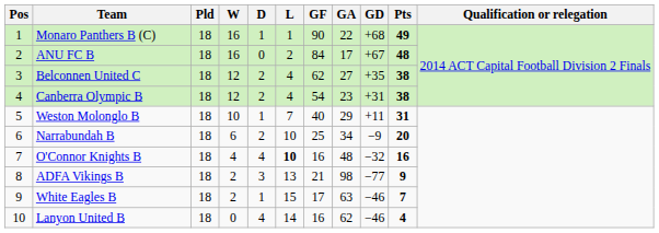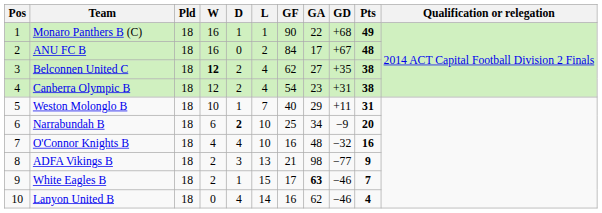 <table class="wikitable" style="text-align:center;">
 <tr>
 <th scope="col" width=28><abbr>Pos</abbr></th>
 <th scope="col" width=190>Team</th>
 <th scope="col" width=28><abbr>Pld</abbr></th>
 <th scope="col" width=28><abbr>W</abbr></th>
 <th scope="col" width=28><abbr>D</abbr></th>
 <th scope="col" width=28><abbr>L</abbr></th>
 <th scope="col" width=28><abbr>GF</abbr></th>
 <th scope="col" width=28><abbr>GA</abbr></th>
 <th scope="col" width=28><abbr>GD</abbr></th>
 <th scope="col" width=28><abbr>Pts</abbr></th>
 <th scope="col">Qualification or relegation</th>
 </tr>
 <tr>
 <th scope="row" style="text-align: center;font-weight: normal;background-color:#D0F0C0;">1</th>
 <td style="text-align: left; white-space:nowrap;font-weight: normal;background-color:#D0F0C0;"><a href='#'>Monaro Panthers B</a> <span>(C)</span></td>
 <td style="font-weight: normal;background-color:#D0F0C0;">18</td>
 <td style="font-weight: normal;background-color:#D0F0C0;">16</td>
 <td style="font-weight: normal;background-color:#D0F0C0;">1</td>
 <td style="font-weight: normal;background-color:#D0F0C0;">1</td>
 <td style="font-weight: normal;background-color:#D0F0C0;">90</td>
 <td style="font-weight: normal;background-color:#D0F0C0;">22</td>
 <td style="font-weight: normal;background-color:#D0F0C0;">+68</td>
 <td style="font-weight: bold;background-color:#D0F0C0;">49</td>
 <td style="font-weight: normal;background-color:#D0F0C0;" rowspan="4"><a href='#'>2014 ACT Capital Football Division 2 Finals</a></td>
 </tr>
 <tr>
 <th scope="row" style="text-align: center;font-weight: normal;background-color:#D0F0C0;">2</th>
 <td style="text-align: left; white-space:nowrap;font-weight: normal;background-color:#D0F0C0;"><a href='#'>ANU FC B</a></td>
 <td style="font-weight: normal;background-color:#D0F0C0;">18</td>
 <td style="font-weight: normal;background-color:#D0F0C0;">16</td>
 <td style="font-weight: normal;background-color:#D0F0C0;">0</td>
 <td style="font-weight: normal;background-color:#D0F0C0;">2</td>
 <td style="font-weight: normal;background-color:#D0F0C0;">84</td>
 <td style="font-weight: normal;background-color:#D0F0C0;">17</td>
 <td style="font-weight: normal;background-color:#D0F0C0;">+67</td>
 <td style="font-weight: bold;background-color:#D0F0C0;">48</td>
 </tr>
 <tr>
 <th scope="row" style="text-align: center;font-weight: normal;background-color:#D0F0C0;">3</th>
 <td style="text-align: left; white-space:nowrap;font-weight: normal;background-color:#D0F0C0;"><a href='#'>Belconnen United C</a></td>
 <td style="font-weight: normal;background-color:#D0F0C0;">18</td>
-<td style="font-weight: normal;background-color:#D0F0C0;">12</td>
+<td style="font-weight: normal;background-color:#D0F0C0;"><strong>12</strong></td>
 <td style="font-weight: normal;background-color:#D0F0C0;">2</td>
 <td style="font-weight: normal;background-color:#D0F0C0;">4</td>
 <td style="font-weight: normal;background-color:#D0F0C0;">62</td>
 <td style="font-weight: normal;background-color:#D0F0C0;">27</td>
 <td style="font-weight: normal;background-color:#D0F0C0;">+35</td>
 <td style="font-weight: bold;background-color:#D0F0C0;">38</td>
 </tr>
 <tr>
 <th scope="row" style="text-align: center;font-weight: normal;background-color:#D0F0C0;">4</th>
 <td style="text-align: left; white-space:nowrap;font-weight: normal;background-color:#D0F0C0;"><a href='#'>Canberra Olympic B</a></td>
 <td style="font-weight: normal;background-color:#D0F0C0;">18</td>
 <td style="font-weight: normal;background-color:#D0F0C0;">12</td>
 <td style="font-weight: normal;background-color:#D0F0C0;">2</td>
 <td style="font-weight: normal;background-color:#D0F0C0;">4</td>
 <td style="font-weight: normal;background-color:#D0F0C0;">54</td>
 <td style="font-weight: normal;background-color:#D0F0C0;">23</td>
 <td style="font-weight: normal;background-color:#D0F0C0;">+31</td>
 <td style="font-weight: bold;background-color:#D0F0C0;">38</td>
 </tr>
 <tr>
 <th scope="row" style="text-align: center;font-weight: normal;background-color:transparent;">5</th>
 <td style="text-align: left; white-space:nowrap;font-weight: normal;background-color:transparent;"><a href='#'>Weston Molonglo B</a></td>
 <td style="font-weight: normal;background-color:transparent;">18</td>
 <td style="font-weight: normal;background-color:transparent;">10</td>
 <td style="font-weight: normal;background-color:transparent;">1</td>
 <td style="font-weight: normal;background-color:transparent;">7</td>
 <td style="font-weight: normal;background-color:transparent;">40</td>
 <td style="font-weight: normal;background-color:transparent;">29</td>
 <td style="font-weight: normal;background-color:transparent;">+11</td>
 <td style="font-weight: bold;background-color:transparent;">31</td>
 <td style="font-weight: normal;background-color:transparent;" rowspan="6"></td>
 </tr>
 <tr>
 <th scope="row" style="text-align: center;font-weight: normal;background-color:transparent;">6</th>
 <td style="text-align: left; white-space:nowrap;font-weight: normal;background-color:transparent;"><a href='#'>Narrabundah B</a></td>
 <td style="font-weight: normal;background-color:transparent;">18</td>
 <td style="font-weight: normal;background-color:transparent;">6</td>
-<td style="font-weight: normal;background-color:transparent;">2</td>
+<td style="font-weight: normal;background-color:transparent;"><strong>2</strong></td>
 <td style="font-weight: normal;background-color:transparent;">10</td>
 <td style="font-weight: normal;background-color:transparent;">25</td>
 <td style="font-weight: normal;background-color:transparent;">34</td>
 <td style="font-weight: normal;background-color:transparent;">−9</td>
 <td style="font-weight: bold;background-color:transparent;">20</td>
 </tr>
 <tr>
 <th scope="row" style="text-align: center;font-weight: normal;background-color:transparent;">7</th>
 <td style="text-align: left; white-space:nowrap;font-weight: normal;background-color:transparent;"><a href='#'>O'Connor Knights B</a></td>
 <td style="font-weight: normal;background-color:transparent;">18</td>
 <td style="font-weight: normal;background-color:transparent;">4</td>
 <td style="font-weight: normal;background-color:transparent;">4</td>
-<td style="font-weight: normal;background-color:transparent;"><strong>10</strong></td>
+<td style="font-weight: normal;background-color:transparent;">10</td>
 <td style="font-weight: normal;background-color:transparent;">16</td>
 <td style="font-weight: normal;background-color:transparent;">48</td>
 <td style="font-weight: normal;background-color:transparent;">−32</td>
 <td style="font-weight: bold;background-color:transparent;">16</td>
 </tr>
 <tr>
 <th scope="row" style="text-align: center;font-weight: normal;background-color:transparent;">8</th>
 <td style="text-align: left; white-space:nowrap;font-weight: normal;background-color:transparent;"><a href='#'>ADFA Vikings B</a></td>
 <td style="font-weight: normal;background-color:transparent;">18</td>
 <td style="font-weight: normal;background-color:transparent;">2</td>
 <td style="font-weight: normal;background-color:transparent;">3</td>
 <td style="font-weight: normal;background-color:transparent;">13</td>
 <td style="font-weight: normal;background-color:transparent;">21</td>
 <td style="font-weight: normal;background-color:transparent;">98</td>
 <td style="font-weight: normal;background-color:transparent;">−77</td>
 <td style="font-weight: bold;background-color:transparent;">9</td>
 </tr>
 <tr>
 <th scope="row" style="text-align: center;font-weight: normal;background-color:transparent;">9</th>
 <td style="text-align: left; white-space:nowrap;font-weight: normal;background-color:transparent;"><a href='#'>White Eagles B</a></td>
 <td style="font-weight: normal;background-color:transparent;">18</td>
 <td style="font-weight: normal;background-color:transparent;">2</td>
 <td style="font-weight: normal;background-color:transparent;">1</td>
 <td style="font-weight: normal;background-color:transparent;">15</td>
 <td style="font-weight: normal;background-color:transparent;">17</td>
-<td style="font-weight: normal;background-color:transparent;">63</td>
+<td style="font-weight: normal;background-color:transparent;"><strong>63</strong></td>
 <td style="font-weight: normal;background-color:transparent;">−46</td>
 <td style="font-weight: bold;background-color:transparent;">7</td>
 </tr>
 <tr>
 <th scope="row" style="text-align: center;font-weight: normal;background-color:transparent;">10</th>
 <td style="text-align: left; white-space:nowrap;font-weight: normal;background-color:transparent;"><a href='#'>Lanyon United B</a></td>
 <td style="font-weight: normal;background-color:transparent;">18</td>
 <td style="font-weight: normal;background-color:transparent;">0</td>
 <td style="font-weight: normal;background-color:transparent;">4</td>
 <td style="font-weight: normal;background-color:transparent;">14</td>
 <td style="font-weight: normal;background-color:transparent;">16</td>
 <td style="font-weight: normal;background-color:transparent;">62</td>
 <td style="font-weight: normal;background-color:transparent;">−46</td>
 <td style="font-weight: bold;background-color:transparent;">4</td>
 </tr>
 </table>
